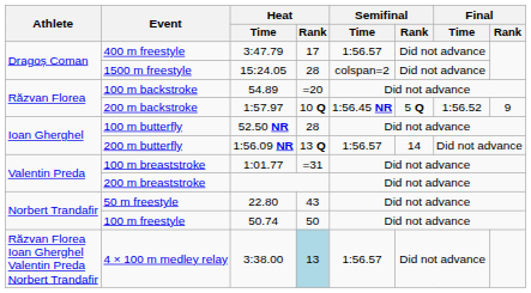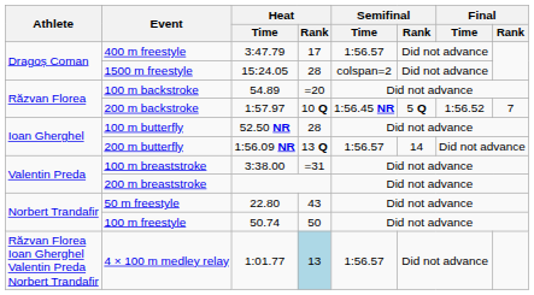 <table class=wikitable style="font-size:90%">
 <tr>
 <th rowspan="2">Athlete</th>
 <th rowspan="2">Event</th>
 <th colspan="2">Heat</th>
 <th colspan="2">Semifinal</th>
 <th colspan="2">Final</th>
 </tr>
 <tr style="font-size:95%">
 <th>Time</th>
 <th>Rank</th>
 <th>Time</th>
 <th>Rank</th>
 <th>Time</th>
 <th>Rank</th>
 </tr>
 <tr align=center>
 <td align=left rowspan=2><a href='#'>Dragoș Coman</a></td>
 <td align=left><a href='#'>400 m freestyle</a></td>
 <td>3:47.79</td>
 <td>17</td>
 <td>1:56.57</td>
 <td colspan=2>Did not advance</td>
 </tr>
 <tr align=center>
 <td align=left><a href='#'>1500 m freestyle</a></td>
 <td>15:24.05</td>
 <td>28</td>
 <td>colspan=2 </td>
 <td colspan=2>Did not advance</td>
 </tr>
 <tr align=center>
 <td align=left rowspan=2><a href='#'>Răzvan Florea</a></td>
 <td align=left><a href='#'>100 m backstroke</a></td>
 <td>54.89</td>
 <td>=20</td>
 <td colspan=4>Did not advance</td>
 </tr>
 <tr align=center>
 <td align=left><a href='#'>200 m backstroke</a></td>
 <td>1:57.97</td>
 <td>10 <strong>Q</strong></td>
 <td>1:56.45 <strong><a href='#'>NR</a></strong></td>
 <td>5 <strong>Q</strong></td>
 <td>1:56.52</td>
-<td>9</td>
+<td>7</td>
 </tr>
 <tr align=center>
 <td align=left rowspan=2><a href='#'>Ioan Gherghel</a></td>
 <td align=left><a href='#'>100 m butterfly</a></td>
 <td>52.50 <strong><a href='#'>NR</a></strong></td>
 <td>28</td>
 <td colspan=4>Did not advance</td>
 </tr>
 <tr align=center>
 <td align=left><a href='#'>200 m butterfly</a></td>
 <td>1:56.09 <strong><a href='#'>NR</a></strong></td>
 <td>13 <strong>Q</strong></td>
 <td>1:56.57</td>
 <td>14</td>
 <td colspan=2>Did not advance</td>
 </tr>
 <tr align=center>
 <td align=left rowspan=2><a href='#'>Valentin Preda</a></td>
 <td align=left><a href='#'>100 m breaststroke</a></td>
-<td>1:01.77</td>
+<td>3:38.00</td>
 <td>=31</td>
 <td colspan=4>Did not advance</td>
 </tr>
 <tr align=center>
 <td align=left><a href='#'>200 m breaststroke</a></td>
 <td colspan=2></td>
 <td colspan=4>Did not advance</td>
 </tr>
 <tr align=center>
 <td align=left rowspan=2><a href='#'>Norbert Trandafir</a></td>
 <td align=left><a href='#'>50 m freestyle</a></td>
 <td>22.80</td>
 <td>43</td>
 <td colspan=4>Did not advance</td>
 </tr>
 <tr align=center>
 <td align=left><a href='#'>100 m freestyle</a></td>
 <td>50.74</td>
 <td>50</td>
 <td colspan=4>Did not advance</td>
 </tr>
 <tr align=center>
 <td align=left><a href='#'>Răzvan Florea</a><br><a href='#'>Ioan Gherghel</a><br><a href='#'>Valentin Preda</a><br><a href='#'>Norbert Trandafir</a></td>
 <td align=left><a href='#'>4 × 100 m medley relay</a></td>
-<td>3:38.00</td>
+<td>1:01.77</td>
 <td style="background: lightblue;">13</td>
 <td>1:56.57</td>
 <td colspan=2>Did not advance</td>
 </tr>
 </table>
